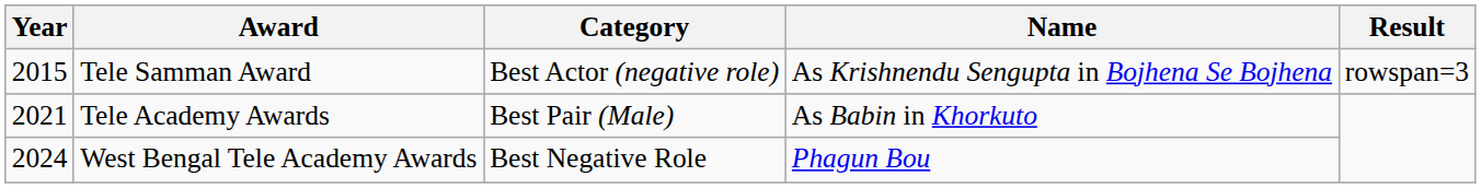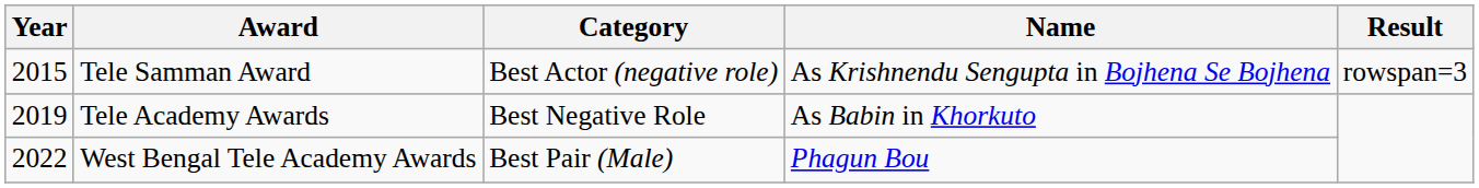 <table class="wikitable sortable">
 <tr>
 <th>Year</th>
 <th>Award</th>
 <th>Category</th>
 <th>Name</th>
 <th>Result</th>
 </tr>
 <tr>
 <td>2015</td>
 <td>Tele Samman Award</td>
 <td>Best Actor <em>(negative role)</em></td>
 <td>As <em>Krishnendu Sengupta</em> in <em><a href='#'>Bojhena Se Bojhena</a></em></td>
 <td>rowspan=3 </td>
 </tr>
 <tr>
-<td>2021</td>
+<td>2019</td>
 <td>Tele Academy Awards</td>
-<td>Best Pair <em>(Male)</em></td>
+<td>Best Negative Role</td>
 <td>As <em>Babin</em> in <em><a href='#'>Khorkuto</a></em></td>
 </tr>
 <tr>
-<td>2024</td>
+<td>2022</td>
 <td>West Bengal Tele Academy Awards</td>
-<td>Best Negative Role</td>
+<td>Best Pair <em>(Male)</em></td>
 <td><em><a href='#'>Phagun Bou</a></em></td>
 </tr>
 </table>
